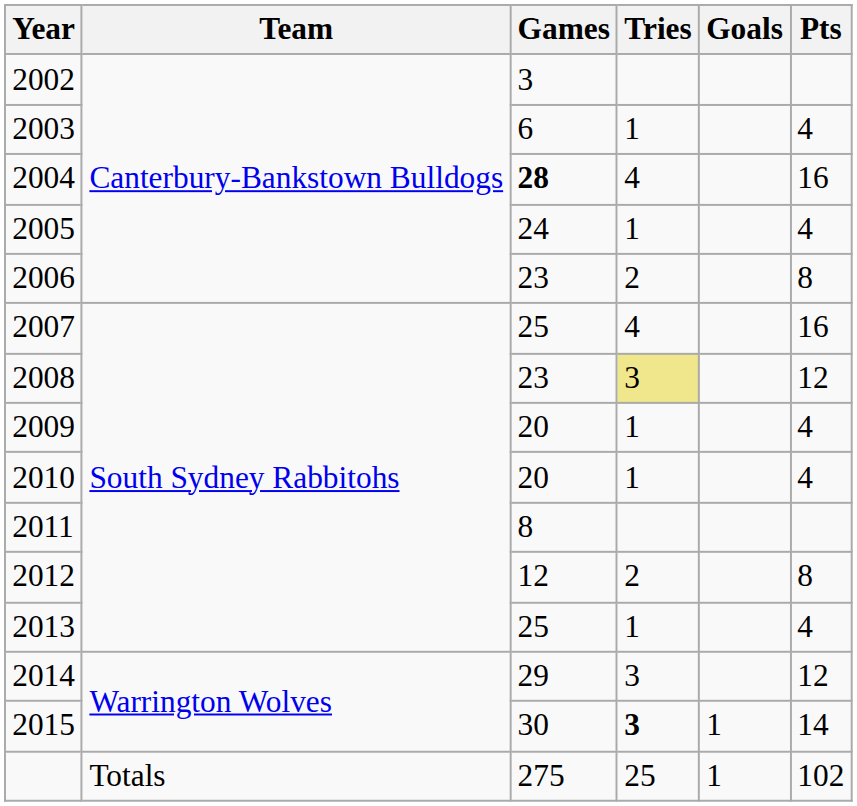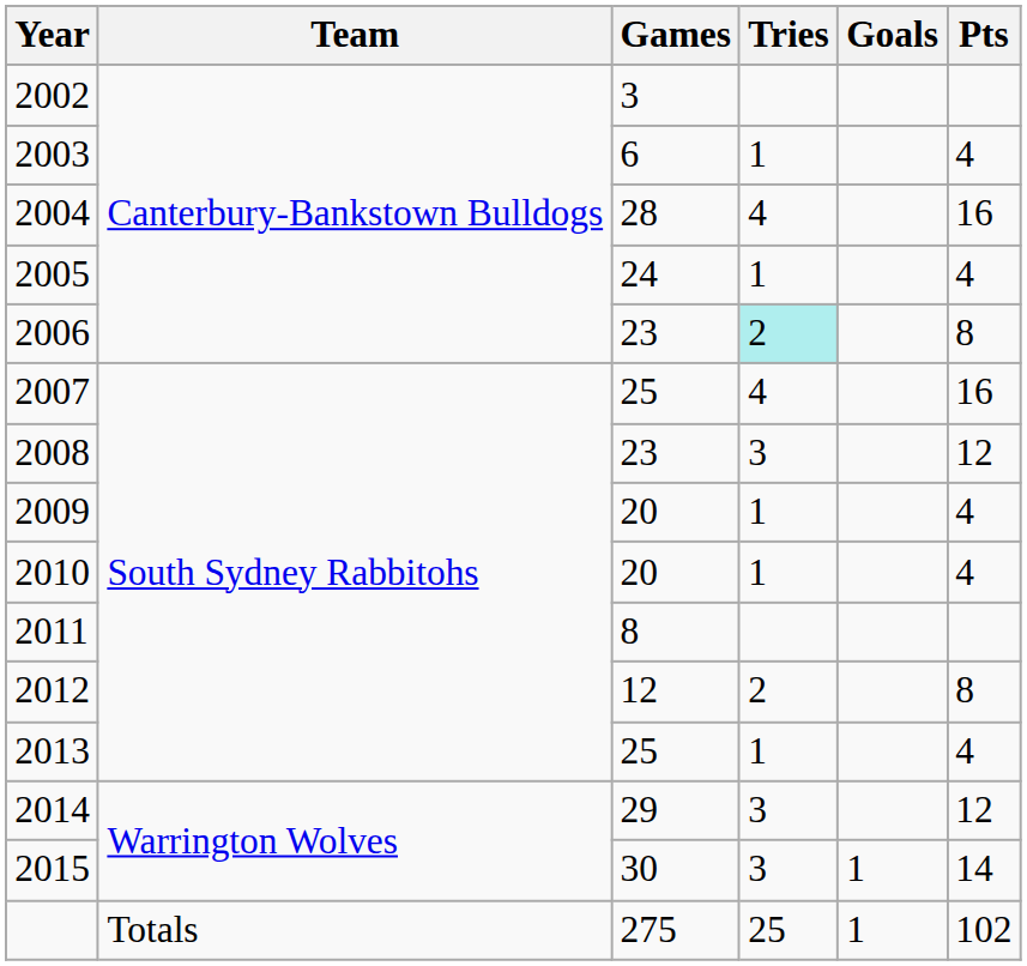 <table class="wikitable">
 <tr>
 <th>Year</th>
 <th>Team</th>
 <th>Games</th>
 <th>Tries</th>
 <th>Goals</th>
 <th>Pts</th>
 </tr>
 <tr>
 <td>2002</td>
 <td rowspan="5"> <a href='#'>Canterbury-Bankstown Bulldogs</a></td>
 <td>3</td>
 <td></td>
 <td></td>
 <td></td>
 </tr>
 <tr>
 <td>2003</td>
 <td>6</td>
 <td>1</td>
 <td></td>
 <td>4</td>
 </tr>
 <tr>
 <td>2004</td>
-<td><strong>28</strong></td>
+<td>28</td>
 <td>4</td>
 <td></td>
 <td>16</td>
 </tr>
 <tr>
 <td>2005</td>
 <td>24</td>
 <td>1</td>
 <td></td>
 <td>4</td>
 </tr>
 <tr>
 <td>2006</td>
 <td>23</td>
-<td>2</td>
+<td style="background: paleturquoise;">2</td>
 <td></td>
 <td>8</td>
 </tr>
 <tr>
 <td>2007</td>
 <td rowspan="7"> <a href='#'>South Sydney Rabbitohs</a></td>
 <td>25</td>
 <td>4</td>
 <td></td>
 <td>16</td>
 </tr>
 <tr>
 <td>2008</td>
 <td>23</td>
-<td style="background: khaki;">3</td>
+<td>3</td>
 <td></td>
 <td>12</td>
 </tr>
 <tr>
 <td>2009</td>
 <td>20</td>
 <td>1</td>
 <td></td>
 <td>4</td>
 </tr>
 <tr>
 <td>2010</td>
 <td>20</td>
 <td>1</td>
 <td></td>
 <td>4</td>
 </tr>
 <tr>
 <td>2011</td>
 <td>8</td>
 <td></td>
 <td></td>
 <td></td>
 </tr>
 <tr>
 <td>2012</td>
 <td>12</td>
 <td>2</td>
 <td></td>
 <td>8</td>
 </tr>
 <tr>
 <td>2013</td>
 <td>25</td>
 <td>1</td>
 <td></td>
 <td>4</td>
 </tr>
 <tr>
 <td>2014</td>
 <td rowspan="2"> <a href='#'>Warrington Wolves</a></td>
 <td>29</td>
 <td>3</td>
 <td></td>
 <td>12</td>
 </tr>
 <tr>
 <td>2015</td>
 <td>30</td>
-<td><strong>3</strong></td>
+<td>3</td>
 <td>1</td>
 <td>14</td>
 </tr>
 <tr>
 <td></td>
 <td>Totals</td>
 <td>275</td>
 <td>25</td>
 <td>1</td>
 <td>102</td>
 </tr>
 </table>
